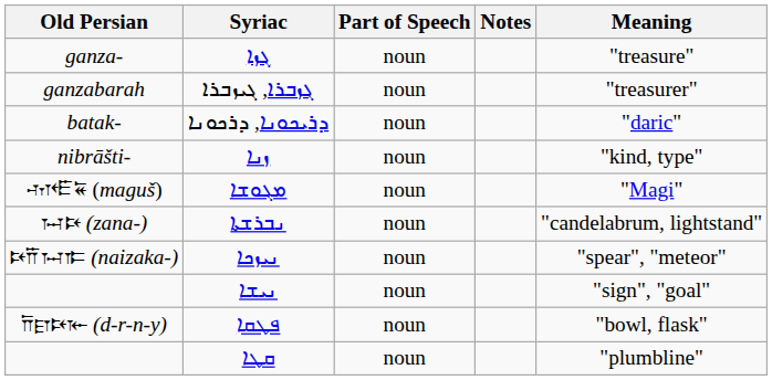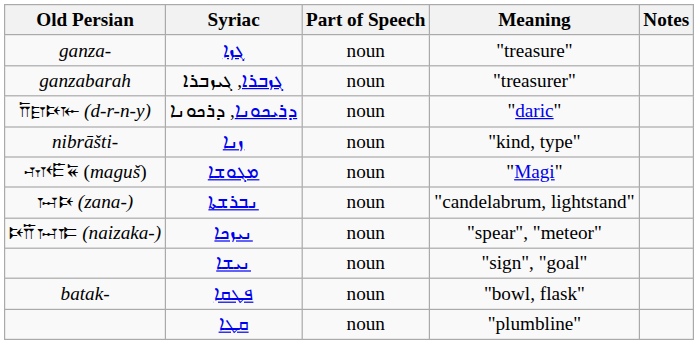 <table class="wikitable">
 <tr>
 <th colspan="1">Old Persian</th>
 <th colspan="1">Syriac</th>
 <th>Part of Speech</th>
+<th colspan="1">Meaning</th>
 <th>Notes</th>
-<th colspan="1">Meaning</th>
 </tr>
 <tr style="text-align:center;">
 <td><em>ganza-</em></td>
 <td><a href='#'>ܓܙܐ</a></td>
 <td>noun</td>
+<td>"treasure"</td>
 <td></td>
-<td>"treasure"</td>
 </tr>
 <tr style="text-align: center;">
 <td><em>ganzabarah</em></td>
 <td><a href='#'>ܓܙܒܪܐ</a>, ܓܝܙܒܪܐ</td>
 <td>noun</td>
+<td>"treasurer"</td>
 <td></td>
-<td>"treasurer"</td>
 </tr>
 <tr style="text-align: center;">
-<td><em>batak-</em></td>
+<td>𐎭𐎼𐎴𐎹 <em>(d-r-n-y)</em></td>
 <td><a href='#'>ܕܪܝܟܘܢܐ</a>, ܕܪܟܘܢܐ</td>
 <td>noun</td>
+<td>"<a href='#'>daric</a>"</td>
 <td></td>
-<td>"<a href='#'>daric</a>"</td>
 </tr>
 <tr style="text-align: center;">
 <td><em>nibrāšti-</em></td>
 <td><a href='#'>ܙܢܐ</a></td>
 <td>noun</td>
+<td>"kind, type"</td>
 <td></td>
-<td>"kind, type"</td>
 </tr>
 <tr style="text-align: center;">
 <td>𐎶𐎦𐏁 (<em>maguš</em>)</td>
 <td><a href='#'>ܡܓܘܫܐ</a></td>
 <td>noun</td>
+<td>"<a href='#'>Magi</a>"</td>
 <td></td>
-<td>"<a href='#'>Magi</a>"</td>
 </tr>
 <tr style="text-align: center;">
 <td>𐏀𐎴 <em>(zana-)</em></td>
 <td><a href='#'>ܢܒܪܫܬܐ</a></td>
 <td>noun</td>
+<td>"candelabrum, lightstand"</td>
 <td></td>
-<td>"candelabrum, lightstand"</td>
 </tr>
 <tr style="text-align: center;">
 <td>𐎴𐎡𐏀𐎣 <em>(naizaka-⁠)</em></td>
 <td><a href='#'>ܢܝܙܟܐ</a></td>
 <td>noun</td>
+<td>"spear", "meteor"</td>
 <td></td>
-<td>"spear", "meteor"</td>
 </tr>
 <tr style="text-align: center;">
 <td></td>
 <td><a href='#'>ܢܝܫܐ</a></td>
 <td>noun</td>
+<td>"sign", "goal"</td>
 <td></td>
-<td>"sign", "goal"</td>
 </tr>
 <tr style="text-align: center;">
-<td>𐎭𐎼𐎴𐎹 <em>(d-r-n-y)</em></td>
+<td><em>batak-</em></td>
 <td><a href='#'>ܦܛܩܐ</a></td>
 <td>noun</td>
+<td>"bowl, flask"</td>
 <td></td>
-<td>"bowl, flask"</td>
 </tr>
 <tr style="text-align: center;">
 <td></td>
 <td><a href='#'>ܩܛܐ</a></td>
 <td>noun</td>
+<td>"plumbline"</td>
 <td></td>
-<td>"plumbline"</td>
 </tr>
 </table>
